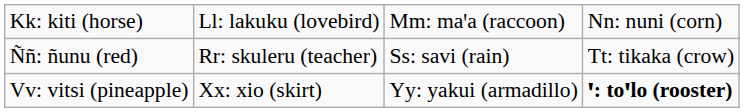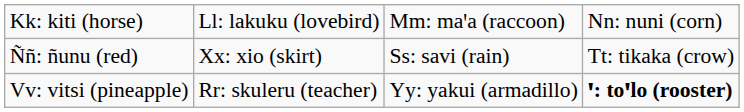 <table class="wikitable">
 <tr>
 <td>Kk: kiti (horse)</td>
 <td>Ll: lakuku (lovebird)</td>
 <td>Mm: maꞌa (raccoon)</td>
 <td>Nn: nuni (corn)</td>
 </tr>
 <tr>
 <td>Ññ: ñunu (red)</td>
-<td>Rr: skuleru (teacher)</td>
+<td>Xx: xio (skirt)</td>
 <td>Ss: savi (rain)</td>
 <td>Tt: tikaka (crow)</td>
 </tr>
 <tr>
 <td>Vv: vitsi (pineapple)</td>
-<td>Xx: xio (skirt)</td>
+<td>Rr: skuleru (teacher)</td>
 <td>Yy: yakui (armadillo)</td>
 <td><strong>ꞌ: toꞌlo (rooster)</strong></td>
 </tr>
 </table>
